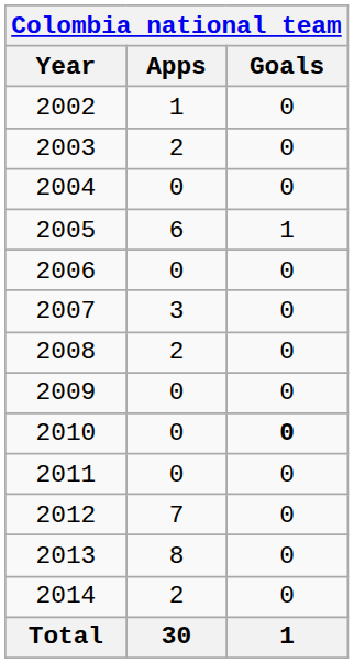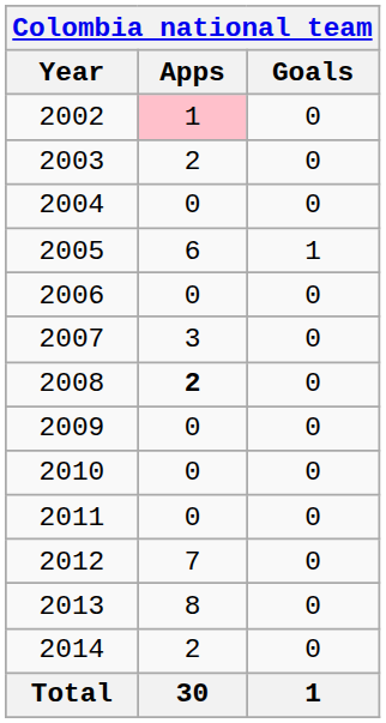 <table class="wikitable" style="text-align:center">
 <tr>
 <th colspan=3><a href='#'>Colombia national team</a></th>
 </tr>
 <tr>
 <th>Year</th>
 <th>Apps</th>
 <th>Goals</th>
 </tr>
 <tr>
 <td>2002</td>
-<td>1</td>
+<td style="background: pink;">1</td>
 <td>0</td>
 </tr>
 <tr>
 <td>2003</td>
 <td>2</td>
 <td>0</td>
 </tr>
 <tr>
 <td>2004</td>
 <td>0</td>
 <td>0</td>
 </tr>
 <tr>
 <td>2005</td>
 <td>6</td>
 <td>1</td>
 </tr>
 <tr>
 <td>2006</td>
 <td>0</td>
 <td>0</td>
 </tr>
 <tr>
 <td>2007</td>
 <td>3</td>
 <td>0</td>
 </tr>
 <tr>
 <td>2008</td>
-<td>2</td>
+<td><strong>2</strong></td>
 <td>0</td>
 </tr>
 <tr>
 <td>2009</td>
 <td>0</td>
 <td>0</td>
 </tr>
 <tr>
 <td>2010</td>
 <td>0</td>
-<td><strong>0</strong></td>
+<td>0</td>
 </tr>
 <tr>
 <td>2011</td>
 <td>0</td>
 <td>0</td>
 </tr>
 <tr>
 <td>2012</td>
 <td>7</td>
 <td>0</td>
 </tr>
 <tr>
 <td>2013</td>
 <td>8</td>
 <td>0</td>
 </tr>
 <tr>
 <td>2014</td>
 <td>2</td>
 <td>0</td>
 </tr>
 <tr>
 <th>Total</th>
 <th>30</th>
 <th>1</th>
 </tr>
 </table>
